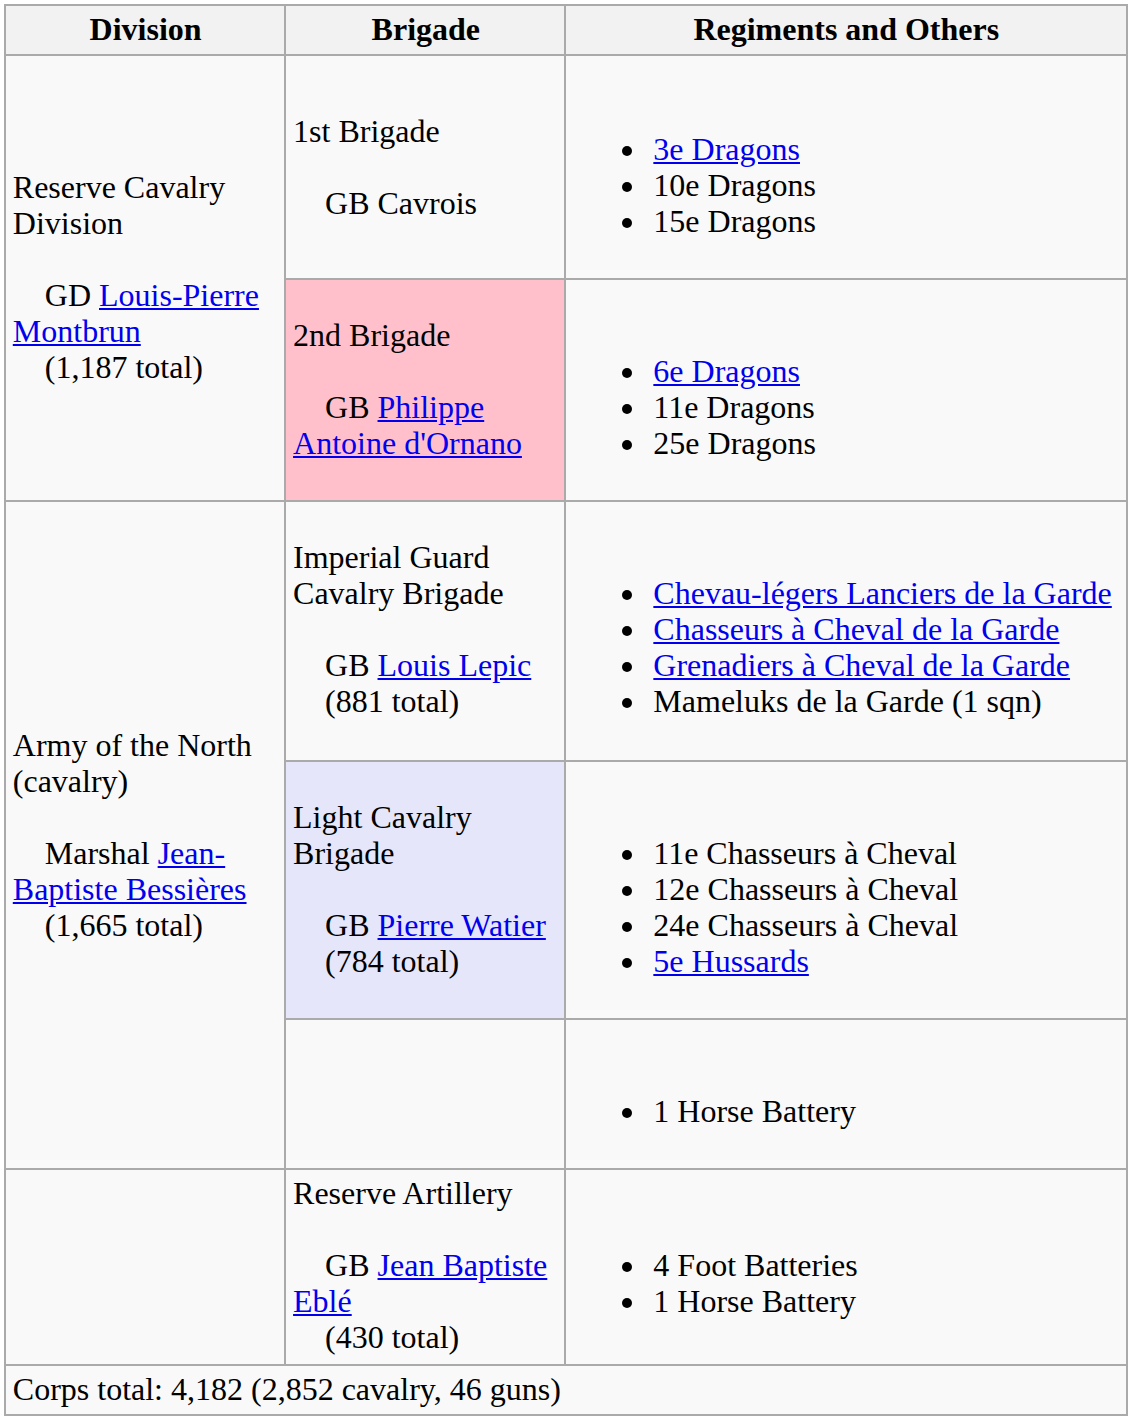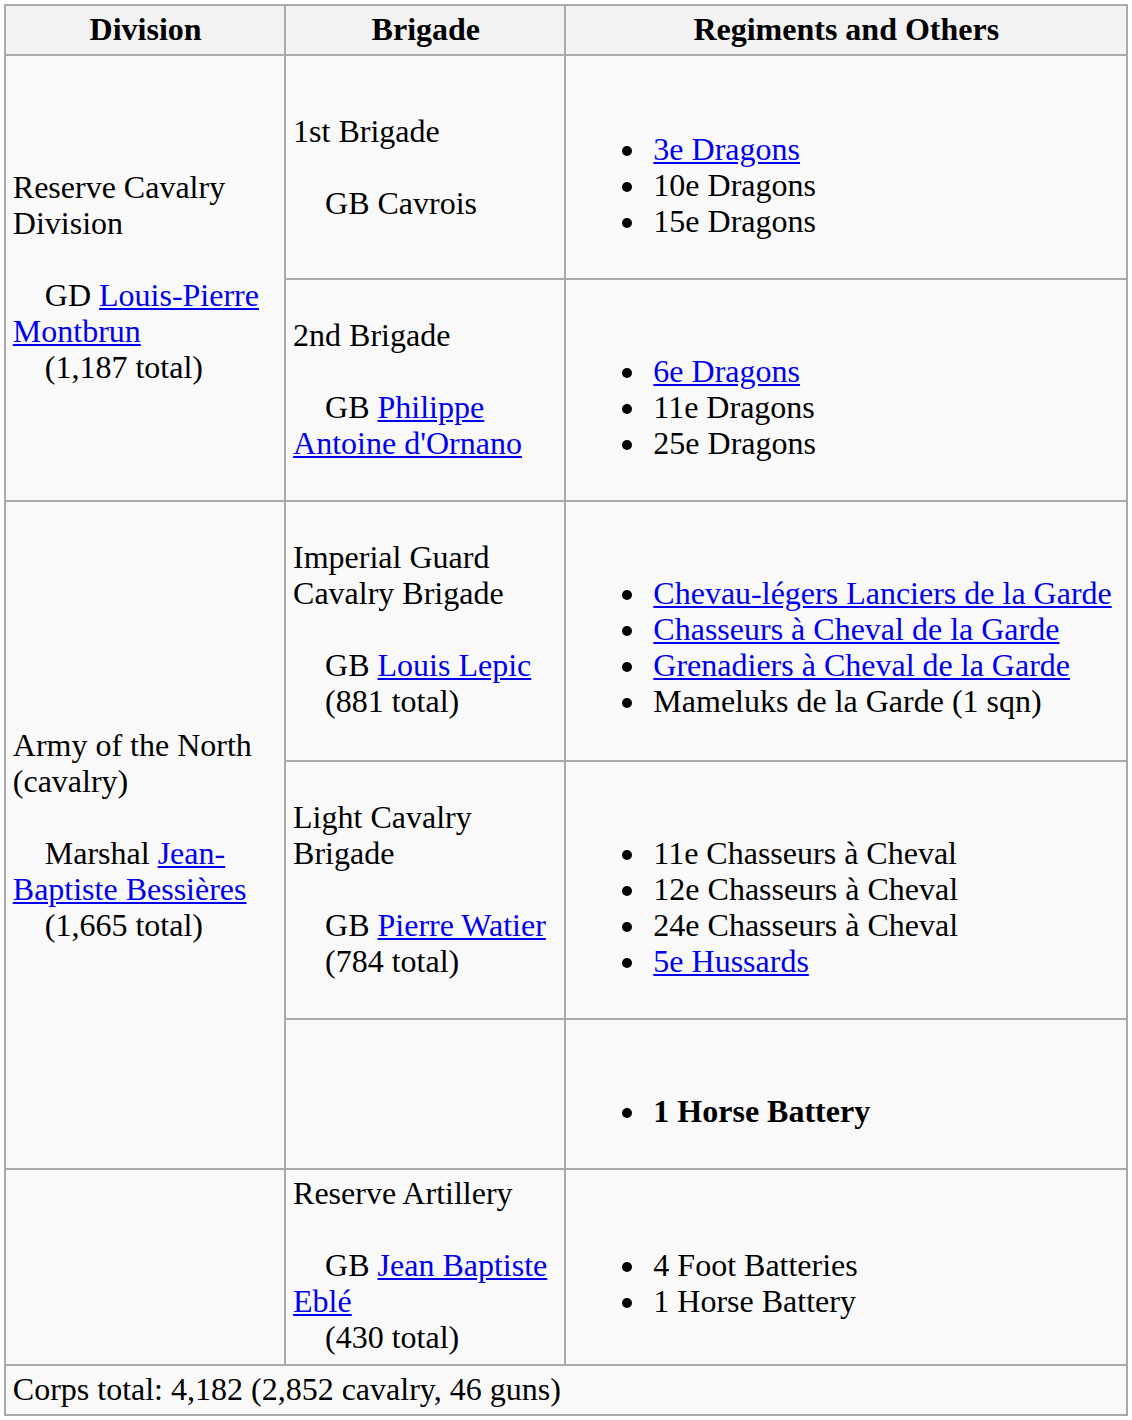 <table class="wikitable" width="90%" style="margin: 1em auto 1em auto">
 <tr>
 <th style="width:25%;">Division</th>
 <th style="width:25%;">Brigade</th>
 <th>Regiments and Others</th>
 </tr>
 <tr>
 <td rowspan=2>Reserve Cavalry Division<br><br>    GD <a href='#'>Louis-Pierre Montbrun</a> <br>    (1,187 total)</td>
 <td>1st Brigade<br><br>    GB Cavrois</td>
 <td><br><ul><li><a href='#'>3e Dragons</a></li><li>10e Dragons</li><li>15e Dragons</li></ul></td>
 </tr>
 <tr>
-<td style="background: pink;">2nd Brigade<br><br>    GB <a href='#'>Philippe Antoine d'Ornano</a></td>
+<td>2nd Brigade<br><br>    GB <a href='#'>Philippe Antoine d'Ornano</a></td>
 <td><br><ul><li><a href='#'>6e Dragons</a></li><li>11e Dragons</li><li>25e Dragons</li></ul></td>
 </tr>
 <tr>
 <td rowspan=3>Army of the North (cavalry)<br><br>    Marshal <a href='#'>Jean-Baptiste Bessières</a> <br>    (1,665 total)</td>
 <td>Imperial Guard Cavalry Brigade<br><br>    GB <a href='#'>Louis Lepic</a> <br>    (881 total)</td>
 <td><br><ul><li><a href='#'>Chevau-légers Lanciers de la Garde</a></li><li><a href='#'>Chasseurs à Cheval de la Garde</a></li><li><a href='#'>Grenadiers à Cheval de la Garde</a></li><li>Mameluks de la Garde (1 sqn)</li></ul></td>
 </tr>
 <tr>
-<td style="background: lavender;">Light Cavalry Brigade<br><br>    GB <a href='#'>Pierre Watier</a> <br>    (784 total)</td>
+<td>Light Cavalry Brigade<br><br>    GB <a href='#'>Pierre Watier</a> <br>    (784 total)</td>
 <td><br><ul><li>11e Chasseurs à Cheval</li><li>12e Chasseurs à Cheval</li><li>24e Chasseurs à Cheval</li><li><a href='#'>5e Hussards</a></li></ul></td>
 </tr>
 <tr>
 <td></td>
-<td><br><ul><li>1 Horse Battery</li></ul></td>
+<td><strong><br><ul><li>1 Horse Battery</li></ul></strong></td>
 </tr>
 <tr>
 <td></td>
 <td>Reserve Artillery<br><br>    GB <a href='#'>Jean Baptiste Eblé</a> <br>    (430 total)</td>
 <td><br><ul><li>4 Foot Batteries</li><li>1 Horse Battery</li></ul></td>
 </tr>
 <tr>
 <td colspan=3>Corps total: 4,182 (2,852 cavalry, 46 guns)</td>
 </tr>
 </table>
